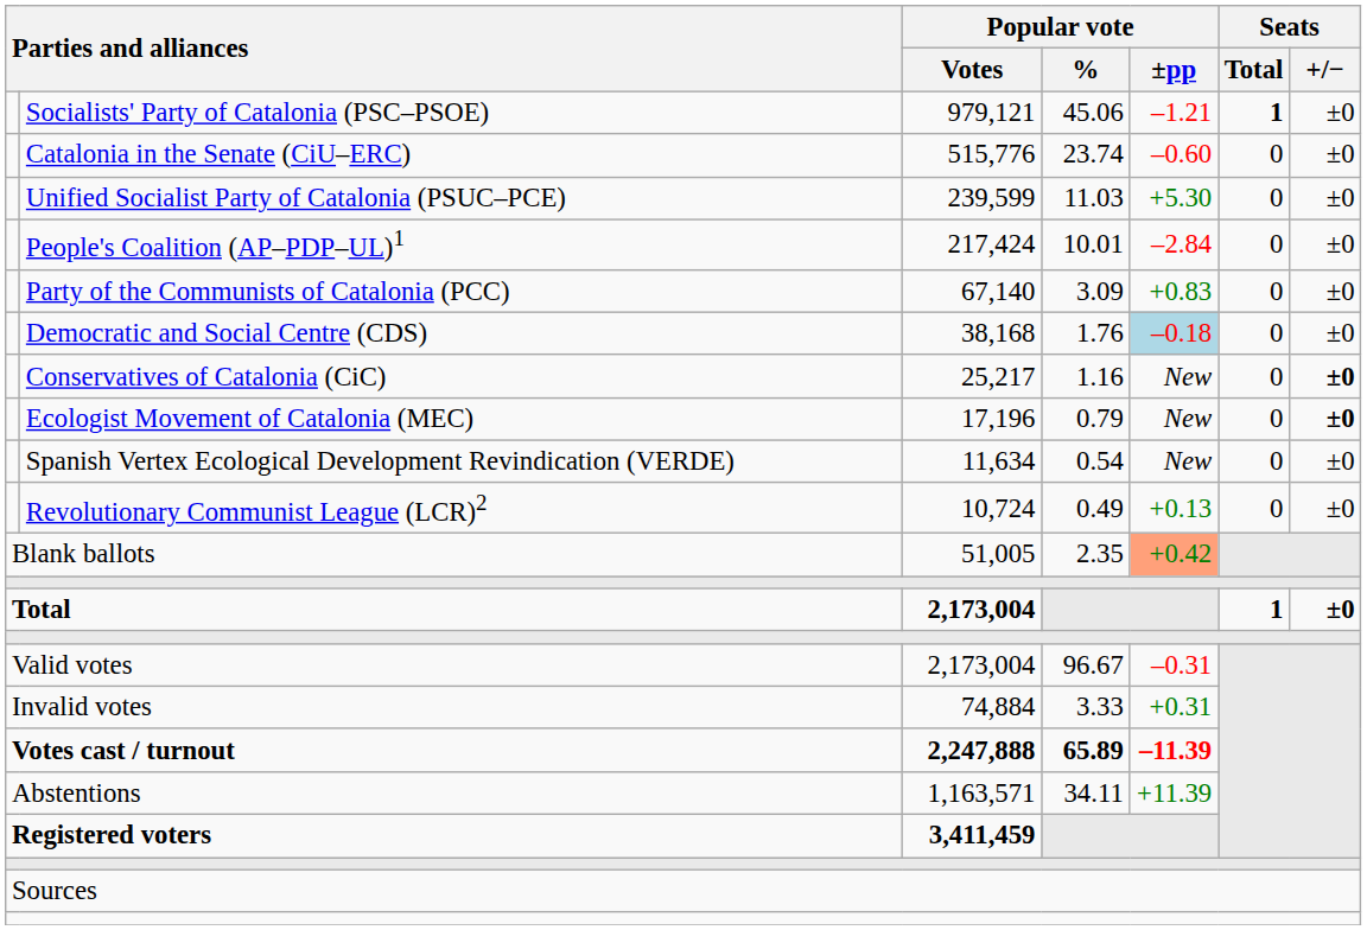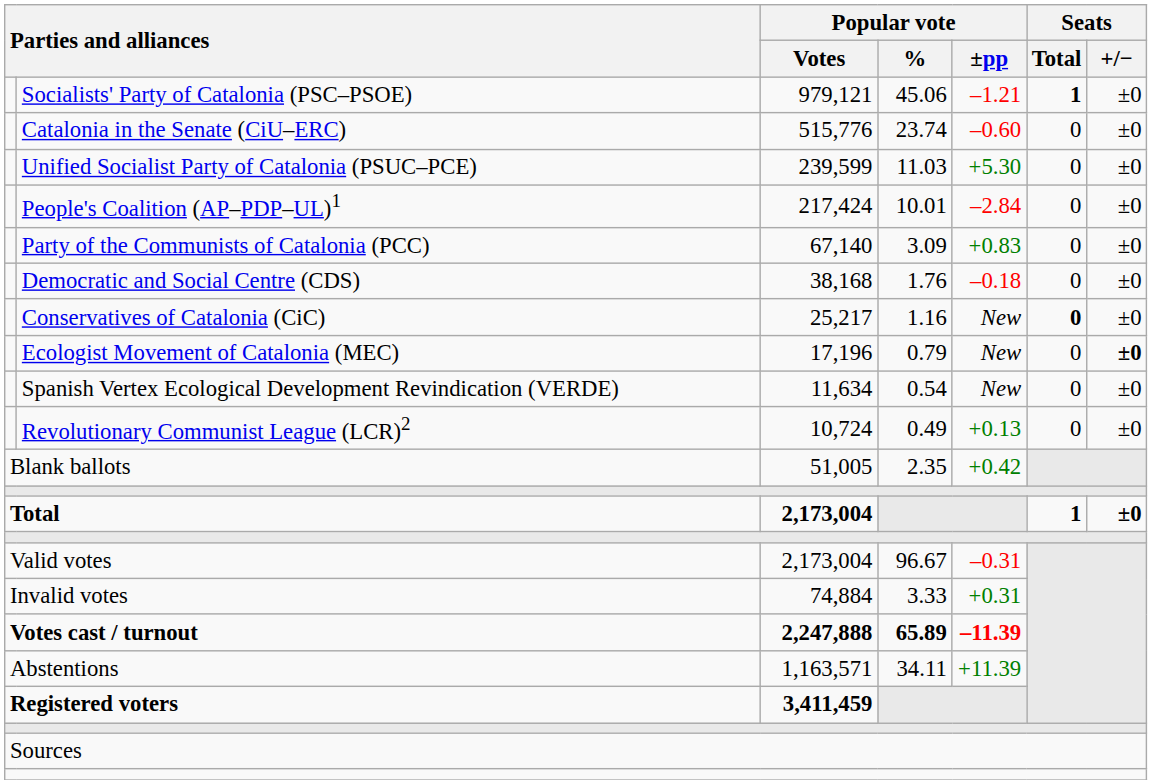 <table class="wikitable" style="text-align:right;">
 <tr>
 <th style="text-align:left;" rowspan="2" colspan="2" width="525">Parties and alliances</th>
 <th colspan="3">Popular vote</th>
 <th colspan="2">Seats</th>
 </tr>
 <tr>
 <th width="75">Votes</th>
 <th width="45">%</th>
 <th width="45">±<a href='#'>pp</a></th>
 <th width="35">Total</th>
 <th width="35">+/−</th>
 </tr>
 <tr>
 <td width="1" style="color:inherit;background:"></td>
 <td align="left"><a href='#'>Socialists' Party of Catalonia</a> (PSC–PSOE)</td>
 <td>979,121</td>
 <td>45.06</td>
 <td style="color:red;">–1.21</td>
 <td><strong>1</strong></td>
 <td>±0</td>
 </tr>
 <tr>
 <td style="color:inherit;background:"></td>
 <td align="left"><a href='#'>Catalonia in the Senate</a> (<a href='#'>CiU</a>–<a href='#'>ERC</a>)</td>
 <td>515,776</td>
 <td>23.74</td>
 <td style="color:red;">–0.60</td>
 <td>0</td>
 <td>±0</td>
 </tr>
 <tr>
 <td style="color:inherit;background:"></td>
 <td align="left"><a href='#'>Unified Socialist Party of Catalonia</a> (PSUC–PCE)</td>
 <td>239,599</td>
 <td>11.03</td>
 <td style="color:green;">+5.30</td>
 <td>0</td>
 <td>±0</td>
 </tr>
 <tr>
 <td style="color:inherit;background:"></td>
 <td align="left"><a href='#'>People's Coalition</a> (<a href='#'>AP</a>–<a href='#'>PDP</a>–<a href='#'>UL</a>)<sup>1</sup></td>
 <td>217,424</td>
 <td>10.01</td>
 <td style="color:red;">–2.84</td>
 <td>0</td>
 <td>±0</td>
 </tr>
 <tr>
 <td style="color:inherit;background:"></td>
 <td align="left"><a href='#'>Party of the Communists of Catalonia</a> (PCC)</td>
 <td>67,140</td>
 <td>3.09</td>
 <td style="color:green;">+0.83</td>
 <td>0</td>
 <td>±0</td>
 </tr>
 <tr>
 <td style="color:inherit;background:"></td>
 <td align="left"><a href='#'>Democratic and Social Centre</a> (CDS)</td>
 <td>38,168</td>
 <td>1.76</td>
-<td style="background: lightblue; color:red;">–0.18</td>
+<td style="color:red;">–0.18</td>
 <td>0</td>
 <td>±0</td>
 </tr>
 <tr>
 <td style="color:inherit;background:"></td>
 <td align="left"><a href='#'>Conservatives of Catalonia</a> (CiC)</td>
 <td>25,217</td>
 <td>1.16</td>
 <td><em>New</em></td>
-<td>0</td>
-<td><strong>±0</strong></td>
+<td><strong>0</strong></td>
+<td>±0</td>
 </tr>
 <tr>
 <td style="color:inherit;background:"></td>
 <td align="left"><a href='#'>Ecologist Movement of Catalonia</a> (MEC)</td>
 <td>17,196</td>
 <td>0.79</td>
 <td><em>New</em></td>
 <td>0</td>
 <td><strong>±0</strong></td>
 </tr>
 <tr>
 <td style="color:inherit;background:"></td>
 <td align="left">Spanish Vertex Ecological Development Revindication (VERDE)</td>
 <td>11,634</td>
 <td>0.54</td>
 <td><em>New</em></td>
 <td>0</td>
 <td>±0</td>
 </tr>
 <tr>
 <td style="color:inherit;background:"></td>
 <td align="left"><a href='#'>Revolutionary Communist League</a> (LCR)<sup>2</sup></td>
 <td>10,724</td>
 <td>0.49</td>
 <td style="color:green;">+0.13</td>
 <td>0</td>
 <td>±0</td>
 </tr>
 <tr>
 <td align="left" colspan="2">Blank ballots</td>
 <td>51,005</td>
 <td>2.35</td>
-<td style="background: lightsalmon; color:green;">+0.42</td>
+<td style="color:green;">+0.42</td>
 <td bgcolor="#E9E9E9" colspan="2"></td>
 </tr>
 <tr>
 <td colspan="7" bgcolor="#E9E9E9"></td>
 </tr>
 <tr style="font-weight:bold;">
 <td align="left" colspan="2">Total</td>
 <td>2,173,004</td>
 <td bgcolor="#E9E9E9" colspan="2"></td>
 <td>1</td>
 <td>±0</td>
 </tr>
 <tr>
 <td colspan="7" bgcolor="#E9E9E9"></td>
 </tr>
 <tr>
 <td align="left" colspan="2">Valid votes</td>
 <td>2,173,004</td>
 <td>96.67</td>
 <td style="color:red;">–0.31</td>
 <td bgcolor="#E9E9E9" colspan="2" rowspan="5"></td>
 </tr>
 <tr>
 <td align="left" colspan="2">Invalid votes</td>
 <td>74,884</td>
 <td>3.33</td>
 <td style="color:green;">+0.31</td>
 </tr>
 <tr style="font-weight:bold;">
 <td align="left" colspan="2">Votes cast / turnout</td>
 <td>2,247,888</td>
 <td>65.89</td>
 <td style="color:red;">–11.39</td>
 </tr>
 <tr>
 <td align="left" colspan="2">Abstentions</td>
 <td>1,163,571</td>
 <td>34.11</td>
 <td style="color:green;">+11.39</td>
 </tr>
 <tr style="font-weight:bold;">
 <td align="left" colspan="2">Registered voters</td>
 <td>3,411,459</td>
 <td bgcolor="#E9E9E9" colspan="2"></td>
 </tr>
 <tr>
 <td colspan="7" bgcolor="#E9E9E9"></td>
 </tr>
 <tr>
 <td align="left" colspan="7">Sources</td>
 </tr>
 <tr>
 <td colspan="7" style="text-align:left; max-width:790px;"></td>
 </tr>
 </table>
